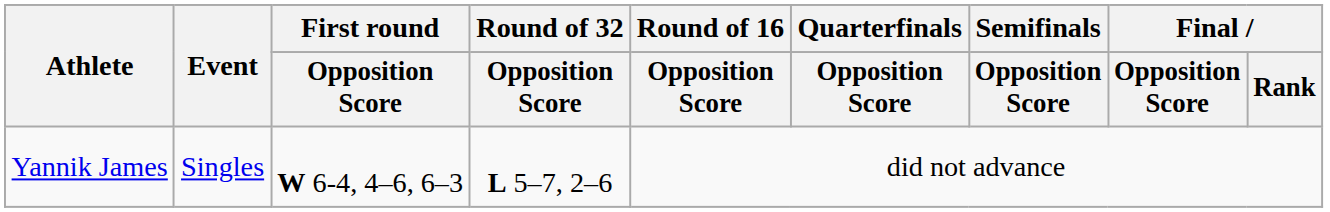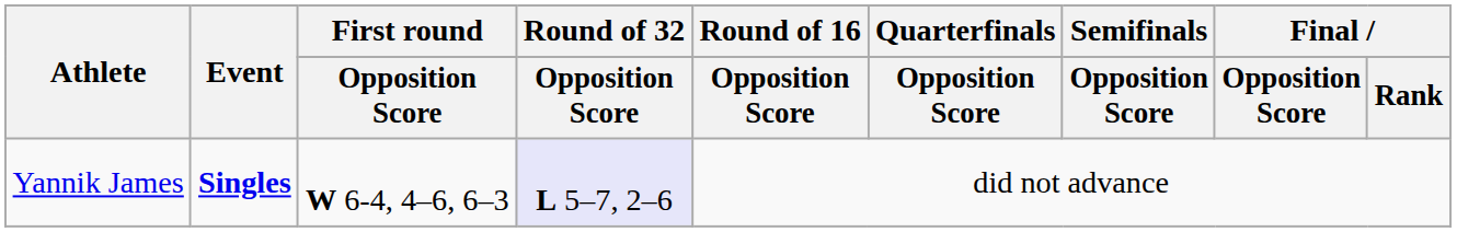 <table class=wikitable style="font-size:90%">
 <tr>
 <th rowspan="2">Athlete</th>
 <th rowspan="2">Event</th>
 <th>First round</th>
 <th>Round of 32</th>
 <th>Round of 16</th>
 <th>Quarterfinals</th>
 <th>Semifinals</th>
 <th colspan=2>Final / </th>
 </tr>
 <tr style="font-size:95%">
 <th>Opposition<br>Score</th>
 <th>Opposition<br>Score</th>
 <th>Opposition<br>Score</th>
 <th>Opposition<br>Score</th>
 <th>Opposition<br>Score</th>
 <th>Opposition<br>Score</th>
 <th>Rank</th>
 </tr>
 <tr>
 <td><a href='#'>Yannik James</a></td>
-<td><a href='#'>Singles</a></td>
+<td><strong><a href='#'>Singles</a></strong></td>
 <td align=center><br><strong>W</strong> 6-4, 4–6, 6–3</td>
-<td align=center><br><strong>L</strong> 5–7, 2–6</td>
+<td align=center style="background: lavender;"><br><strong>L</strong> 5–7, 2–6</td>
 <td align=center colspan=5>did not advance</td>
 </tr>
 </table>
